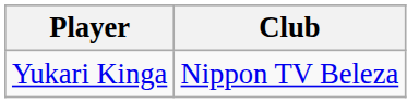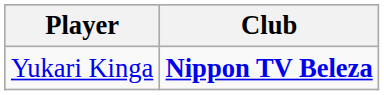 <table class="wikitable">
 <tr>
 <th>Player</th>
 <th>Club</th>
 </tr>
 <tr>
 <td> <a href='#'>Yukari Kinga</a></td>
-<td><a href='#'>Nippon TV Beleza</a></td>
+<td><strong><a href='#'>Nippon TV Beleza</a></strong></td>
 </tr>
 </table>
